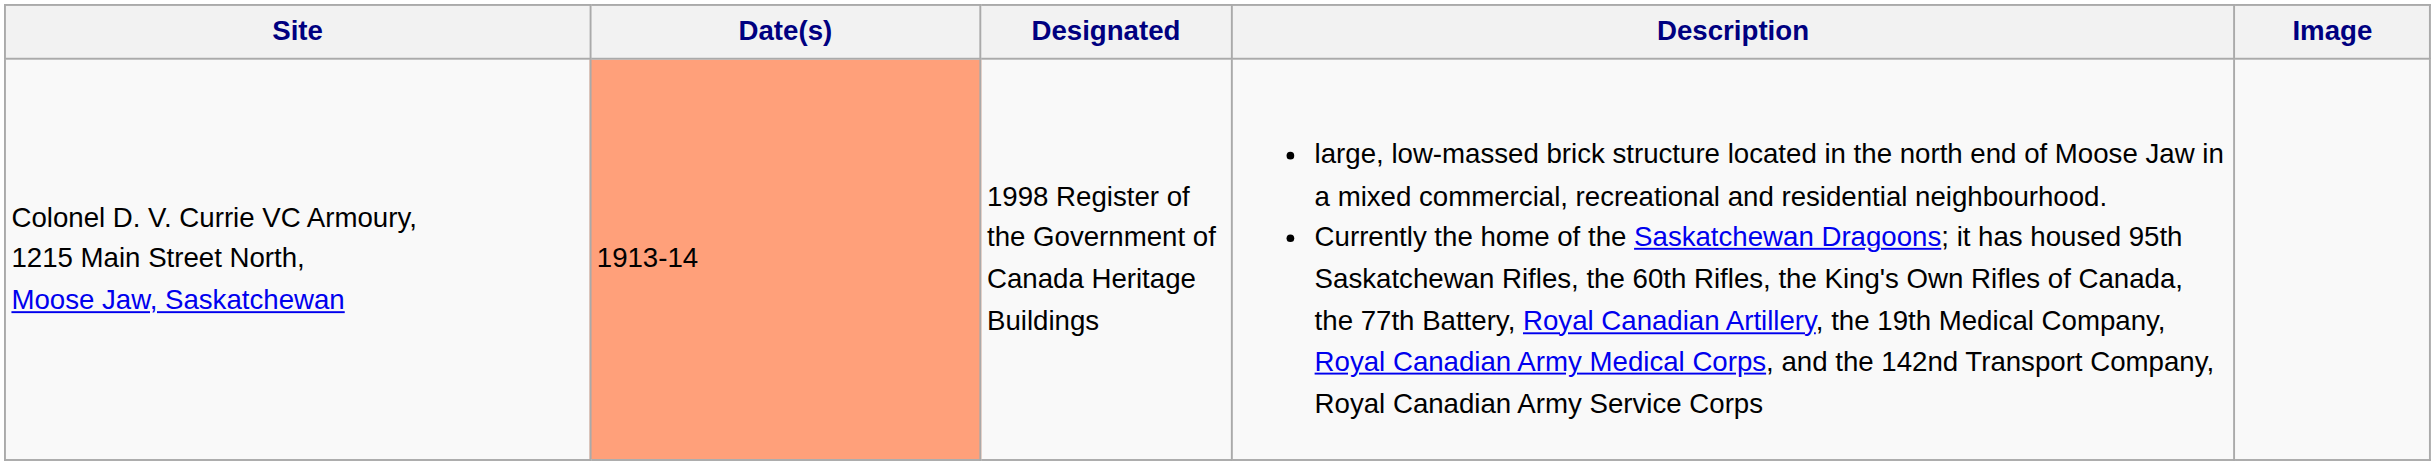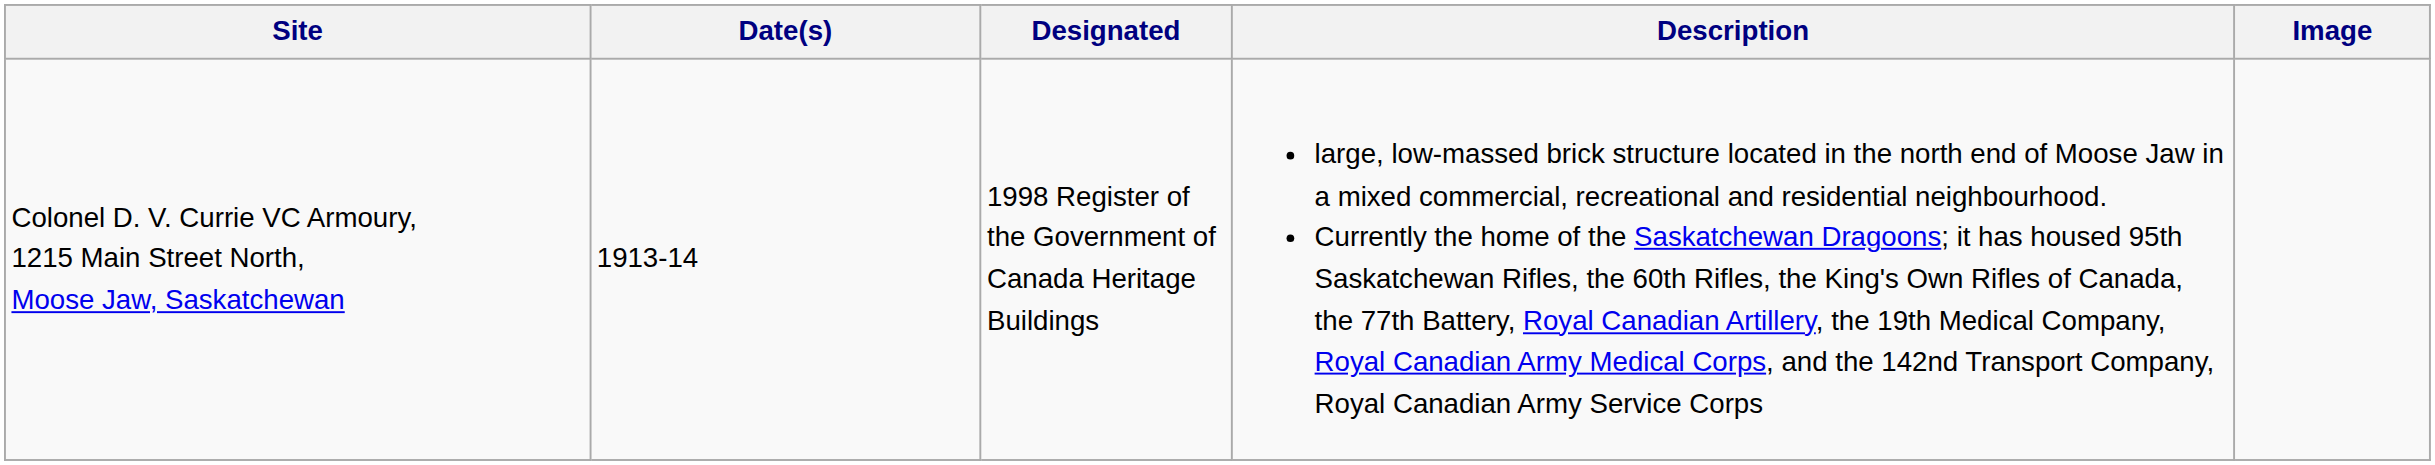 <table class="wikitable sortable" style="font-size:90%;width:100%;border:0px;text-align:left;line-height:150%;">
 <tr>
 <th style="background: #f2f2f2; color: #000080" width="21%">Site</th>
 <th style="background: #f2f2f2; color: #000080" width="14%">Date(s)</th>
 <th style="background: #f2f2f2; color: #000080" width="9%">Designated</th>
 <th style="background: #f2f2f2; color: #000080" width="36%" class="unsortable">Description</th>
 <th style="background: #f2f2f2; color: #000080" width="7%" class="unsortable">Image</th>
 </tr>
 <tr>
 <td>Colonel D. V. Currie VC Armoury,<br>  1215 Main Street North,<br> <a href='#'>Moose Jaw, Saskatchewan</a></td>
-<td style="background: lightsalmon;">1913-14</td>
+<td>1913-14</td>
 <td>1998 Register of the Government of Canada Heritage Buildings</td>
 <td><br><ul><li>large, low-massed brick structure located in the north end of Moose Jaw in a mixed commercial, recreational and residential neighbourhood.</li><li>Currently the home of the <a href='#'>Saskatchewan Dragoons</a>; it has housed 95th Saskatchewan Rifles, the 60th Rifles, the King's Own Rifles of Canada, the 77th Battery, <a href='#'>Royal Canadian Artillery</a>, the 19th Medical Company, <a href='#'>Royal Canadian Army Medical Corps</a>, and the 142nd Transport Company, Royal Canadian Army Service Corps</li></ul></td>
 <td></td>
 </tr>
 <tr>
 </tr>
 </table>
